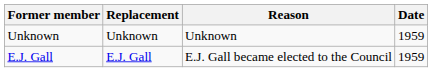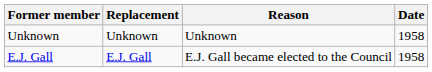 <table class="wikitable">
 <tr>
 <th>Former member</th>
 <th>Replacement</th>
 <th>Reason</th>
 <th>Date</th>
 </tr>
 <tr>
 <td>Unknown</td>
 <td>Unknown</td>
 <td>Unknown</td>
-<td>1959</td>
+<td>1958</td>
 </tr>
 <tr>
 <td><a href='#'>E.J. Gall</a></td>
 <td><a href='#'>E.J. Gall</a></td>
 <td>E.J. Gall became elected to the Council</td>
-<td>1959</td>
+<td>1958</td>
 </tr>
 </table>
